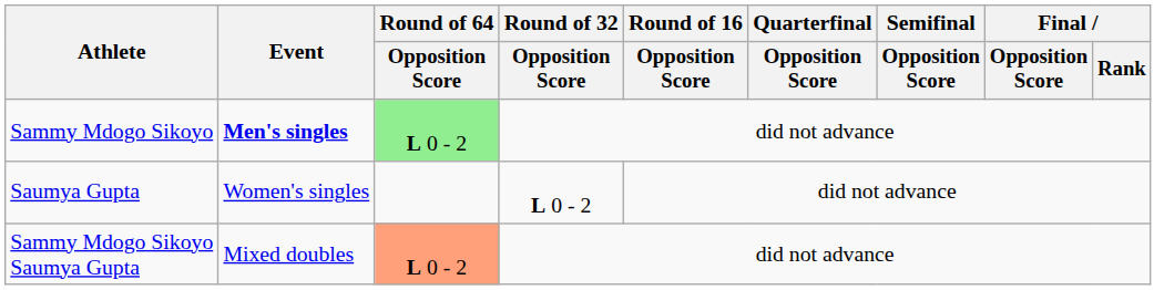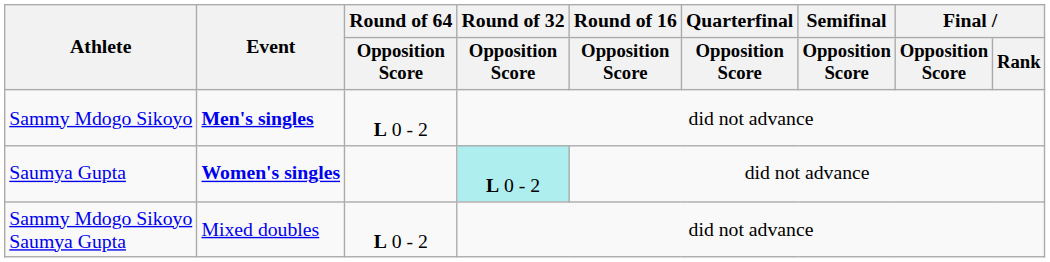 <table class=wikitable style="font-size:90%">
 <tr>
 <th rowspan=2>Athlete</th>
 <th rowspan=2>Event</th>
 <th>Round of 64</th>
 <th>Round of 32</th>
 <th>Round of 16</th>
 <th>Quarterfinal</th>
 <th>Semifinal</th>
 <th colspan=2>Final / </th>
 </tr>
 <tr style="font-size:95%">
 <th>Opposition<br>Score</th>
 <th>Opposition<br>Score</th>
 <th>Opposition<br>Score</th>
 <th>Opposition<br>Score</th>
 <th>Opposition<br>Score</th>
 <th>Opposition<br>Score</th>
 <th>Rank</th>
 </tr>
 <tr align=center>
 <td align=left><a href='#'>Sammy Mdogo Sikoyo</a></td>
 <td align=left><strong><a href='#'>Men's singles</a></strong></td>
-<td style="background: lightgreen;"><br><strong>L</strong> 0 - 2</td>
+<td><br><strong>L</strong> 0 - 2</td>
 <td colspan=6>did not advance</td>
 </tr>
 <tr align=center>
 <td align=left><a href='#'>Saumya Gupta</a></td>
-<td align=left><a href='#'>Women's singles</a></td>
+<td align=left><strong><a href='#'>Women's singles</a></strong></td>
 <td></td>
-<td><br><strong>L</strong> 0 - 2</td>
+<td style="background: paleturquoise;"><br><strong>L</strong> 0 - 2</td>
 <td colspan=5>did not advance</td>
 </tr>
 <tr align=center>
 <td align=left><a href='#'>Sammy Mdogo Sikoyo</a><br><a href='#'>Saumya Gupta</a></td>
 <td align=left><a href='#'>Mixed doubles</a></td>
-<td style="background: lightsalmon;"><br><strong>L</strong> 0 - 2</td>
+<td><br><strong>L</strong> 0 - 2</td>
 <td colspan=6>did not advance</td>
 </tr>
 </table>
